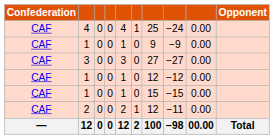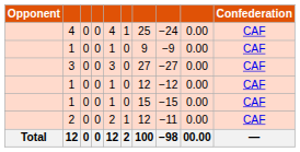 <table class="wikitable sortable" style="text-align:center;">
 <tr style="color:white">
-<th style="background-color:#E05206;color:white">Confederation</th>
+<th style="background-color:#E05206;color:white">Opponent</th>
 <th style="background-color:#E05206;"></th>
 <th style="background-color:#E05206;"></th>
 <th style="background-color:#E05206;"></th>
 <th style="background-color:#E05206;"></th>
 <th style="background-color:#E05206;"></th>
 <th style="background-color:#E05206;"></th>
 <th style="background-color:#E05206;"></th>
 <th style="background-color:#E05206;"></th>
-<th style="background-color:#E05206;color:white">Opponent</th>
+<th style="background-color:#E05206;color:white">Confederation</th>
 </tr>
 <tr bgcolor=FFDACC>
-<td><a href='#'>CAF</a></td>
+<td style="text-align:left;"></td>
 <td>4</td>
 <td>0</td>
 <td>0</td>
 <td>4</td>
 <td>1</td>
 <td>25</td>
 <td>−24</td>
 <td>0.00</td>
-<td style="text-align:left;"></td>
+<td><a href='#'>CAF</a></td>
 </tr>
 <tr bgcolor=FFDACC>
-<td><a href='#'>CAF</a></td>
+<td style="text-align:left;"></td>
 <td>1</td>
 <td>0</td>
 <td>0</td>
 <td>1</td>
 <td>0</td>
 <td>9</td>
 <td>−9</td>
 <td>0.00</td>
-<td style="text-align:left;"></td>
+<td><a href='#'>CAF</a></td>
 </tr>
 <tr bgcolor=FFDACC>
-<td><a href='#'>CAF</a></td>
+<td style="text-align:left;"></td>
 <td>3</td>
 <td>0</td>
 <td>0</td>
 <td>3</td>
 <td>0</td>
 <td>27</td>
 <td>−27</td>
 <td>0.00</td>
-<td style="text-align:left;"></td>
+<td><a href='#'>CAF</a></td>
 </tr>
 <tr bgcolor=FFDACC>
-<td><a href='#'>CAF</a></td>
+<td style="text-align:left;"></td>
 <td>1</td>
 <td>0</td>
 <td>0</td>
 <td>1</td>
 <td>0</td>
 <td>12</td>
 <td>−12</td>
 <td>0.00</td>
-<td style="text-align:left;"></td>
+<td><a href='#'>CAF</a></td>
 </tr>
 <tr bgcolor=FFDACC>
-<td><a href='#'>CAF</a></td>
+<td style="text-align:left;"></td>
 <td>1</td>
 <td>0</td>
 <td>0</td>
 <td>1</td>
 <td>0</td>
 <td>15</td>
 <td>−15</td>
 <td>0.00</td>
-<td style="text-align:left;"></td>
+<td><a href='#'>CAF</a></td>
 </tr>
 <tr bgcolor=FFDACC>
-<td><a href='#'>CAF</a></td>
+<td style="text-align:left;"></td>
 <td>2</td>
 <td>0</td>
 <td>0</td>
 <td>2</td>
 <td>1</td>
 <td>12</td>
 <td>−11</td>
 <td>0.00</td>
-<td style="text-align:left;"></td>
+<td><a href='#'>CAF</a></td>
 </tr>
 <tr>
-<th>—</th>
+<th>Total</th>
 <th>12</th>
 <th>0</th>
 <th>0</th>
 <th>12</th>
 <th>2</th>
 <th>100</th>
 <th>−98</th>
 <th>00.00</th>
-<th>Total</th>
+<th>—</th>
 </tr>
 </table>
